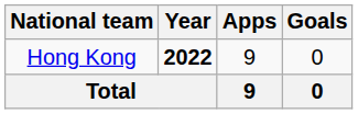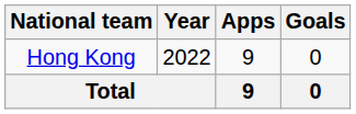 <table class="wikitable" style="text-align:center">
 <tr>
 <th>National team</th>
 <th>Year</th>
 <th>Apps</th>
 <th>Goals</th>
 </tr>
 <tr>
 <td rowspan="1"><a href='#'>Hong Kong</a></td>
-<td><strong>2022</strong></td>
+<td>2022</td>
 <td>9</td>
 <td>0</td>
 </tr>
 <tr>
 <th colspan=2>Total</th>
 <th>9</th>
 <th>0</th>
 </tr>
 </table>
